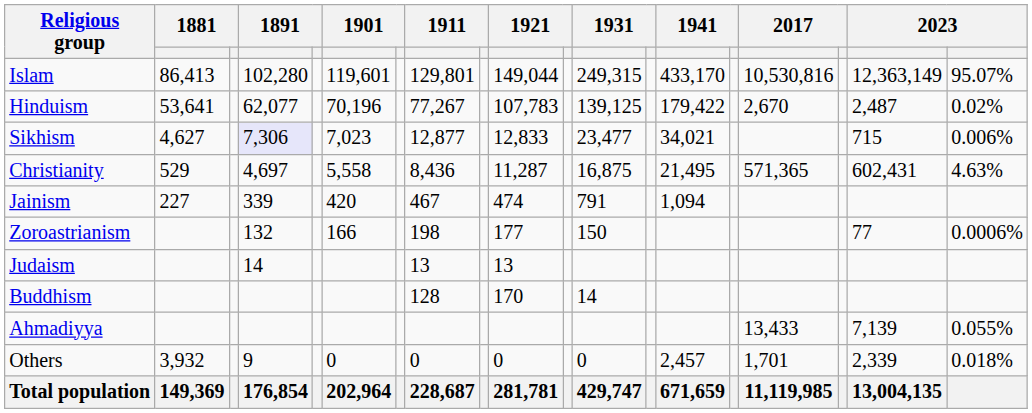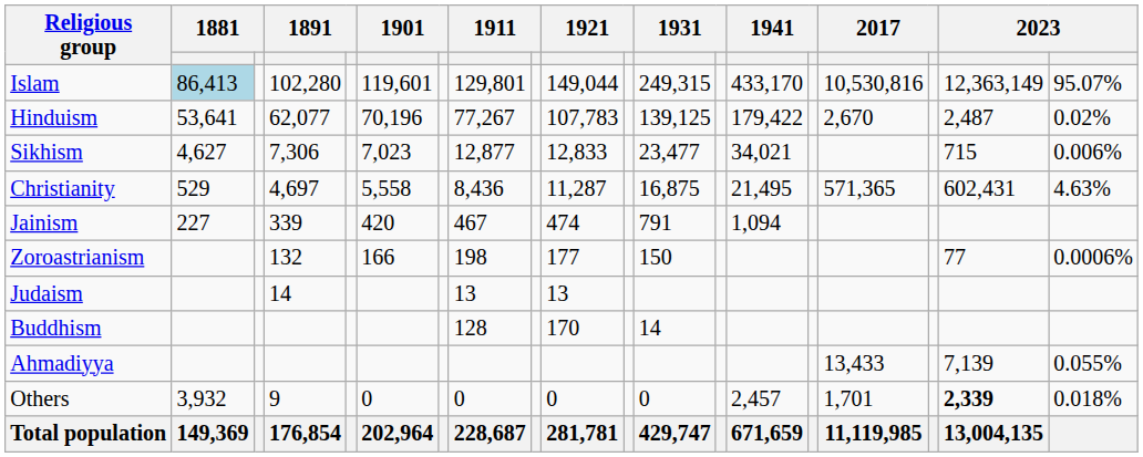 <table class="wikitable collapsible sortable">
 <tr>
 <th rowspan="2"><a href='#'>Religious</a><br>group</th>
 <th colspan="2">1881</th>
 <th colspan="2">1891</th>
 <th colspan="2">1901</th>
 <th colspan="2">1911</th>
 <th colspan="2">1921</th>
 <th colspan="2">1931</th>
 <th colspan="2">1941</th>
 <th colspan="2">2017</th>
 <th colspan="2">2023</th>
 </tr>
 <tr>
 <th><a href='#'></a></th>
 <th></th>
 <th></th>
 <th></th>
 <th></th>
 <th></th>
 <th></th>
 <th></th>
 <th></th>
 <th></th>
 <th></th>
 <th></th>
 <th></th>
 <th></th>
 <th></th>
 <th></th>
 <th></th>
 <th></th>
 </tr>
 <tr>
 <td><a href='#'>Islam</a> </td>
-<td>86,413</td>
+<td style="background: lightblue;">86,413</td>
 <td></td>
 <td>102,280</td>
 <td></td>
 <td>119,601</td>
 <td></td>
 <td>129,801</td>
 <td></td>
 <td>149,044</td>
 <td></td>
 <td>249,315</td>
 <td></td>
 <td>433,170</td>
 <td></td>
 <td>10,530,816</td>
 <td></td>
 <td>12,363,149</td>
 <td>95.07%</td>
 </tr>
 <tr>
 <td><a href='#'>Hinduism</a> </td>
 <td>53,641</td>
 <td></td>
 <td>62,077</td>
 <td></td>
 <td>70,196</td>
 <td></td>
 <td>77,267</td>
 <td></td>
 <td>107,783</td>
 <td></td>
 <td>139,125</td>
 <td></td>
 <td>179,422</td>
 <td></td>
 <td>2,670</td>
 <td></td>
 <td>2,487</td>
 <td>0.02%</td>
 </tr>
 <tr>
 <td><a href='#'>Sikhism</a> </td>
 <td>4,627</td>
 <td></td>
-<td style="background: lavender;">7,306</td>
+<td>7,306</td>
 <td></td>
 <td>7,023</td>
 <td></td>
 <td>12,877</td>
 <td></td>
 <td>12,833</td>
 <td></td>
 <td>23,477</td>
 <td></td>
 <td>34,021</td>
 <td></td>
 <td></td>
 <td></td>
 <td>715</td>
 <td>0.006%</td>
 </tr>
 <tr>
 <td><a href='#'>Christianity</a> </td>
 <td>529</td>
 <td></td>
 <td>4,697</td>
 <td></td>
 <td>5,558</td>
 <td></td>
 <td>8,436</td>
 <td></td>
 <td>11,287</td>
 <td></td>
 <td>16,875</td>
 <td></td>
 <td>21,495</td>
 <td></td>
 <td>571,365</td>
 <td></td>
 <td>602,431</td>
 <td>4.63%</td>
 </tr>
 <tr>
 <td><a href='#'>Jainism</a> </td>
 <td>227</td>
 <td></td>
 <td>339</td>
 <td></td>
 <td>420</td>
 <td></td>
 <td>467</td>
 <td></td>
 <td>474</td>
 <td></td>
 <td>791</td>
 <td></td>
 <td>1,094</td>
 <td></td>
 <td></td>
 <td></td>
 <td></td>
 </tr>
 <tr>
 <td><a href='#'>Zoroastrianism</a> </td>
 <td></td>
 <td></td>
 <td>132</td>
 <td></td>
 <td>166</td>
 <td></td>
 <td>198</td>
 <td></td>
 <td>177</td>
 <td></td>
 <td>150</td>
 <td></td>
 <td></td>
 <td></td>
 <td></td>
 <td></td>
 <td>77</td>
 <td>0.0006%</td>
 </tr>
 <tr>
 <td><a href='#'>Judaism</a> </td>
 <td></td>
 <td></td>
 <td>14</td>
 <td></td>
 <td></td>
 <td></td>
 <td>13</td>
 <td></td>
 <td>13</td>
 <td></td>
 <td></td>
 <td></td>
 <td></td>
 <td></td>
 <td></td>
 <td></td>
 <td></td>
 <td></td>
 </tr>
 <tr>
 <td><a href='#'>Buddhism</a> </td>
 <td></td>
 <td></td>
 <td></td>
 <td></td>
 <td></td>
 <td></td>
 <td>128</td>
 <td></td>
 <td>170</td>
 <td></td>
 <td>14</td>
 <td></td>
 <td></td>
 <td></td>
 <td></td>
 <td></td>
 <td></td>
 <td></td>
 </tr>
 <tr>
 <td><a href='#'>Ahmadiyya</a> </td>
 <td></td>
 <td></td>
 <td></td>
 <td></td>
 <td></td>
 <td></td>
 <td></td>
 <td></td>
 <td></td>
 <td></td>
 <td></td>
 <td></td>
 <td></td>
 <td></td>
 <td>13,433</td>
 <td></td>
 <td>7,139</td>
 <td>0.055%</td>
 </tr>
 <tr>
 <td>Others</td>
 <td>3,932</td>
 <td></td>
 <td>9</td>
 <td></td>
 <td>0</td>
 <td></td>
 <td>0</td>
 <td></td>
 <td>0</td>
 <td></td>
 <td>0</td>
 <td></td>
 <td>2,457</td>
 <td></td>
 <td>1,701</td>
 <td></td>
-<td>2,339</td>
+<td><strong>2,339</strong></td>
 <td>0.018%</td>
 </tr>
 <tr>
 <th>Total population</th>
 <th>149,369</th>
 <th></th>
 <th>176,854</th>
 <th></th>
 <th>202,964</th>
 <th></th>
 <th>228,687</th>
 <th></th>
 <th>281,781</th>
 <th></th>
 <th>429,747</th>
 <th></th>
 <th>671,659</th>
 <th></th>
 <th>11,119,985</th>
 <th></th>
 <th>13,004,135</th>
 <th></th>
 </tr>
 </table>
